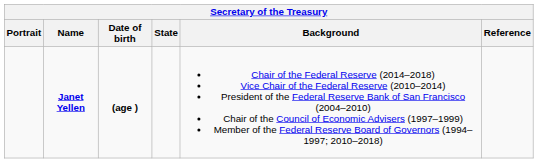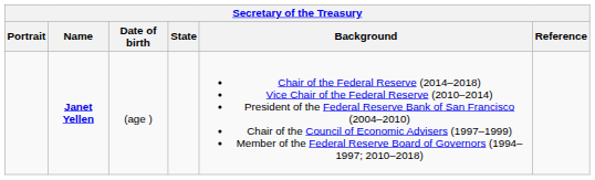 <table class="wikitable collapsible" style="text-align:center;">
 <tr>
 <th colspan="6"><a href='#'>Secretary of the Treasury</a></th>
 </tr>
 <tr>
 <th>Portrait</th>
 <th>Name</th>
 <th>Date of birth</th>
 <th>State</th>
 <th>Background</th>
 <th>Reference</th>
 </tr>
 <tr>
 <td></td>
 <td><strong><a href='#'>Janet Yellen</a></strong></td>
-<td><strong><br>(age )</strong></td>
+<td><br>(age )</td>
 <td></td>
 <td><br><ul><li><a href='#'>Chair of the Federal Reserve</a> (2014–2018)</li><li><a href='#'>Vice Chair of the Federal Reserve</a> (2010–2014)</li><li>President of the <a href='#'>Federal Reserve Bank of San Francisco</a> (2004–2010)</li><li>Chair of the <a href='#'>Council of Economic Advisers</a> (1997–1999)</li><li>Member of the <a href='#'>Federal Reserve Board of Governors</a> (1994–1997; 2010–2018)</li></ul></td>
 <td></td>
 </tr>
 </table>
